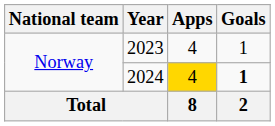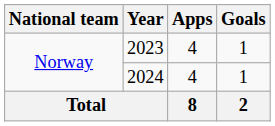 <table class="wikitable" style="text-align: center;">
 <tr>
 <th>National team</th>
 <th>Year</th>
 <th>Apps</th>
 <th>Goals</th>
 </tr>
 <tr>
 <td rowspan="2"><a href='#'>Norway</a></td>
 <td>2023</td>
 <td>4</td>
 <td>1</td>
 </tr>
 <tr>
 <td>2024</td>
-<td style="background: gold;">4</td>
-<td><strong>1</strong></td>
+<td>4</td>
+<td>1</td>
 </tr>
 <tr>
 <th colspan="2">Total</th>
 <th>8</th>
 <th>2</th>
 </tr>
 </table>
